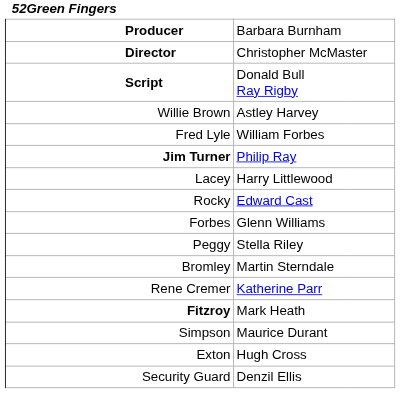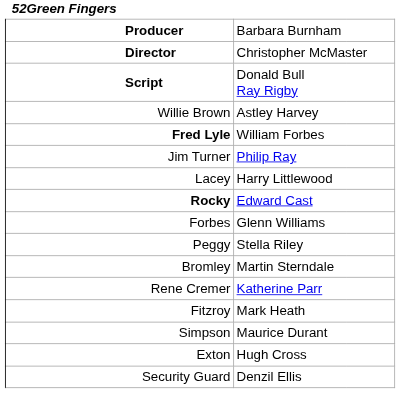 <table class="wikitable mw-collapsible mw-collapsed" style="vertical-align:top;margin:auto 2em;line-height:1.2;min-width:33em;display: inline-table;background-color:inherit;border:none;">
 <tr>
 <td class=unsortable style="border:hidden;line-height:1.67;text-align:center;margin-left:-1em;padding-left:0.5em;min-width:1.0em;"></td>
 <td class=unsortable style="border:none;padding-left:0.5em;text-align:left;min-width:16.5em;font-weight:700;font-style:italic;">52Green Fingers</td>
 <td class=unsortable style="border:none;text-align:right;font-weight:normal;font-family:Courier;font-size:95%;letter-spacing:-1pt;min-width:8.5em;padding-right:0.2em;"></td>
 <td class=unsortable style="border:hidden;min-width:3.5em;padding-left:0;"></td>
 <td class=unsortable style="border:hidden;min-width:3.5em;font-size:95%;"></td>
 </tr>
 <tr>
 <td rowspan=100 style="border:none thin;border-right-style :solid;"></td>
 </tr>
 <tr>
 <td style="text-align:left;padding-left:9.0em;font-weight:bold;">Producer</td>
 <td colspan=2>Barbara Burnham</td>
 </tr>
 <tr>
 <td style="text-align:left;padding-left:9.0em;font-weight:bold;">Director</td>
 <td colspan=2>Christopher McMaster</td>
 </tr>
 <tr>
 <td style="text-align:left;padding-left:9.0em;font-weight:bold;">Script</td>
 <td colspan=2>Donald Bull<br><a href='#'>Ray Rigby</a></td>
 </tr>
 <tr>
 <td style="text-align:right;">Willie Brown</td>
 <td colspan=2>Astley Harvey</td>
 </tr>
 <tr>
-<td style="text-align:right;">Fred Lyle</td>
+<td style="text-align:right;"><strong>Fred Lyle</strong></td>
 <td colspan=2>William Forbes</td>
 </tr>
 <tr>
-<td style="text-align:right;"><strong>Jim Turner</strong></td>
+<td style="text-align:right;">Jim Turner</td>
 <td colspan=2><a href='#'>Philip Ray</a></td>
 </tr>
 <tr>
 <td style="text-align:right;">Lacey</td>
 <td colspan=2>Harry Littlewood</td>
 </tr>
 <tr>
-<td style="text-align:right;">Rocky</td>
+<td style="text-align:right;"><strong>Rocky</strong></td>
 <td colspan=2><a href='#'>Edward Cast</a></td>
 </tr>
 <tr>
 <td style="text-align:right;">Forbes</td>
 <td colspan=2>Glenn Williams</td>
 </tr>
 <tr>
 <td style="text-align:right;">Peggy</td>
 <td colspan=2>Stella Riley</td>
 </tr>
 <tr>
 <td style="text-align:right;">Bromley</td>
 <td colspan=2>Martin Sterndale</td>
 </tr>
 <tr>
 <td style="text-align:right;">Rene Cremer</td>
 <td colspan=2><a href='#'>Katherine Parr</a></td>
 </tr>
 <tr>
-<td style="text-align:right;"><strong>Fitzroy</strong></td>
+<td style="text-align:right;">Fitzroy</td>
 <td colspan=2>Mark Heath</td>
 </tr>
 <tr>
 <td style="text-align:right;">Simpson</td>
 <td colspan=2>Maurice Durant</td>
 </tr>
 <tr>
 <td style="text-align:right;">Exton</td>
 <td colspan=2>Hugh Cross</td>
 </tr>
 <tr>
 <td style="text-align:right;">Security Guard</td>
 <td colspan=2>Denzil Ellis</td>
 </tr>
 </table>
